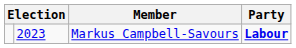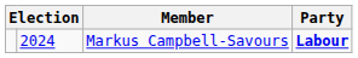 <table class="wikitable">
 <tr>
 <th colspan="2">Election</th>
 <th>Member</th>
 <th>Party</th>
 </tr>
 <tr>
 <td style="color:inherit;background-color: "></td>
-<td><a href='#'>2023</a></td>
+<td><a href='#'>2024</a></td>
 <td><a href='#'>Markus Campbell-Savours</a></td>
 <td><strong><a href='#'>Labour</a></strong></td>
 </tr>
 </table>
